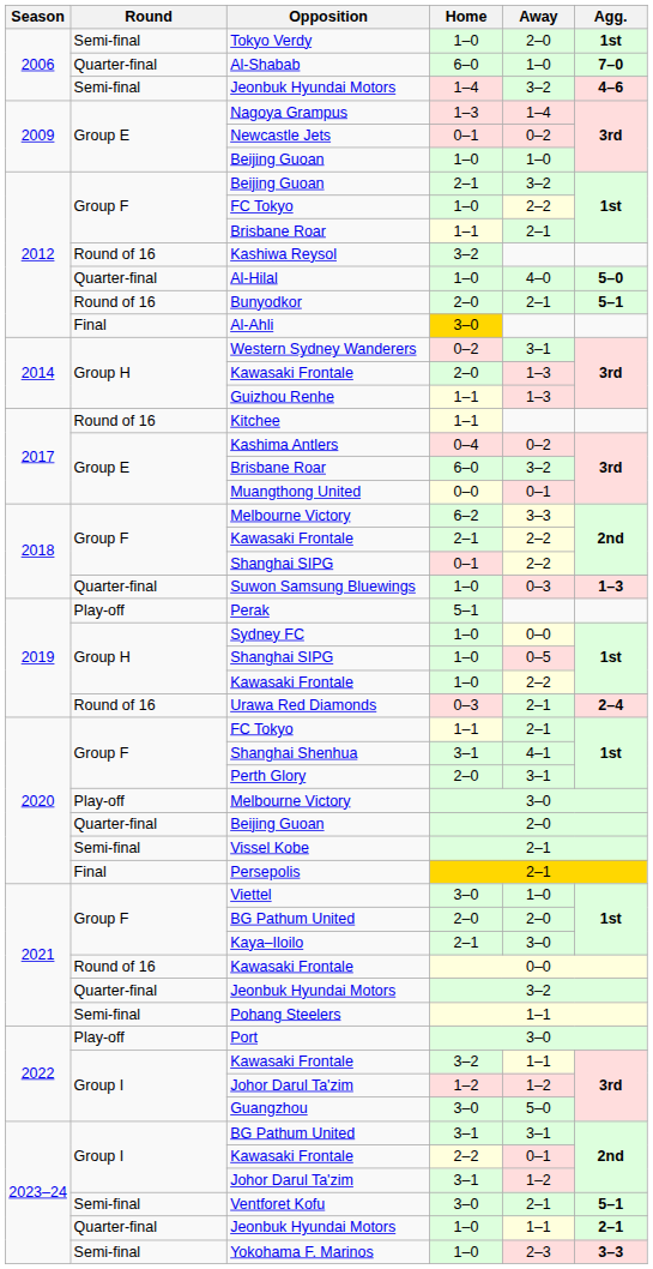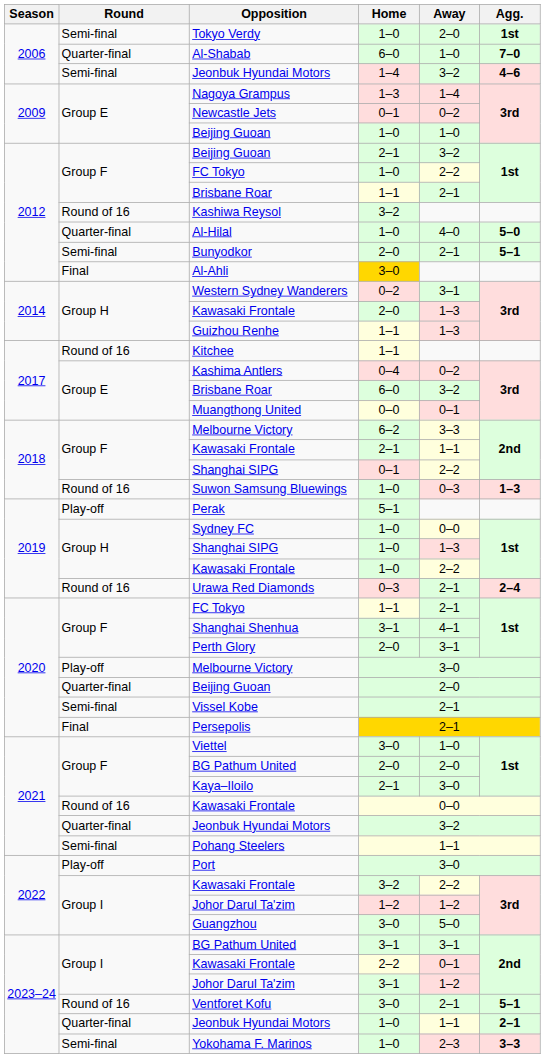 <table class="wikitable" style="text-align:left">
 <tr>
 <th>Season</th>
 <th width="160">Round</th>
 <th width="210">Opposition</th>
 <th width="70">Home</th>
 <th width="70">Away</th>
 <th width="70">Agg.</th>
 </tr>
 <tr>
 <td rowspan="3" style="text-align:center;"><a href='#'>2006</a></td>
 <td>Semi-final</td>
 <td> <a href='#'>Tokyo Verdy</a></td>
 <td style="text-align:center; background:#DDFFDD;">1–0</td>
 <td style="text-align:center; background:#DDFFDD;">2–0</td>
 <td style="text-align:center; background:#DDFFDD;"><strong>1st</strong></td>
 </tr>
 <tr>
 <td>Quarter-final</td>
 <td> <a href='#'>Al-Shabab</a></td>
 <td style="text-align:center; background:#DDFFDD;">6–0</td>
 <td style="text-align:center; background:#DDFFDD;">1–0</td>
 <td style="text-align:center; background:#DDFFDD;"><strong>7–0</strong></td>
 </tr>
 <tr>
 <td>Semi-final</td>
 <td> <a href='#'>Jeonbuk Hyundai Motors</a></td>
 <td style="text-align:center; background:#FFDDDD;">1–4</td>
 <td style="text-align:center; background:#DDFFDD;">3–2</td>
 <td style="text-align:center; background:#FFDDDD;"><strong>4–6</strong></td>
 </tr>
 <tr>
 <td rowspan="3" style="text-align:center;"><a href='#'>2009</a></td>
 <td rowspan="3">Group E</td>
 <td> <a href='#'>Nagoya Grampus</a></td>
 <td style="text-align:center; background:#FFDDDD;">1–3</td>
 <td style="text-align:center; background:#FFDDDD;">1–4</td>
 <td rowspan="3" style="text-align:center; background:#FFDDDD;"><strong>3rd</strong></td>
 </tr>
 <tr>
 <td> <a href='#'>Newcastle Jets</a></td>
 <td style="text-align:center; background:#FFDDDD;">0–1</td>
 <td style="text-align:center; background:#FFDDDD;">0–2</td>
 </tr>
 <tr>
 <td> <a href='#'>Beijing Guoan</a></td>
 <td style="text-align:center; background:#DDFFDD;">1–0</td>
 <td style="text-align:center; background:#DDFFDD;">1–0</td>
 </tr>
 <tr>
 <td rowspan="7" style="text-align:center;"><a href='#'>2012</a></td>
 <td rowspan="3">Group F</td>
 <td> <a href='#'>Beijing Guoan</a></td>
 <td style="text-align:center; background:#DDFFDD;">2–1</td>
 <td style="text-align:center; background:#DDFFDD;">3–2</td>
 <td rowspan="3" style="text-align:center; background:#DDFFDD;"><strong>1st</strong></td>
 </tr>
 <tr>
 <td> <a href='#'>FC Tokyo</a></td>
 <td style="text-align:center; background:#DDFFDD;">1–0</td>
 <td style="text-align:center; background:#FFFFDD;">2–2</td>
 </tr>
 <tr>
 <td> <a href='#'>Brisbane Roar</a></td>
 <td style="text-align:center; background:#FFFFDD;">1–1</td>
 <td style="text-align:center; background:#DDFFDD;">2–1</td>
 </tr>
 <tr>
 <td>Round of 16</td>
 <td> <a href='#'>Kashiwa Reysol</a></td>
 <td style="text-align:center; background:#DDFFDD;">3–2</td>
 <td></td>
 <td></td>
 </tr>
 <tr>
 <td>Quarter-final</td>
 <td> <a href='#'>Al-Hilal</a></td>
 <td style="text-align:center; background:#DDFFDD;">1–0</td>
 <td style="text-align:center; background:#DDFFDD;">4–0</td>
 <td style="text-align:center; background:#DDFFDD;"><strong>5–0</strong></td>
 </tr>
 <tr>
-<td>Round of 16</td>
+<td>Semi-final</td>
 <td> <a href='#'>Bunyodkor</a></td>
 <td style="text-align:center; background:#DDFFDD;">2–0</td>
 <td style="text-align:center; background:#DDFFDD;">2–1</td>
 <td style="text-align:center; background:#DDFFDD;"><strong>5–1</strong></td>
 </tr>
 <tr>
 <td>Final</td>
 <td> <a href='#'>Al-Ahli</a></td>
 <td style="text-align:center; background:#FFD700;">3–0</td>
 <td></td>
 <td></td>
 </tr>
 <tr>
 <td rowspan="3" style="text-align:center;"><a href='#'>2014</a></td>
 <td rowspan="3">Group H</td>
 <td> <a href='#'>Western Sydney Wanderers</a></td>
 <td style="text-align:center; background:#FFDDDD;">0–2</td>
 <td style="text-align:center; background:#DDFFDD;">3–1</td>
 <td rowspan="3" style="text-align:center; background:#FFDDDD;"><strong>3rd</strong></td>
 </tr>
 <tr>
 <td> <a href='#'>Kawasaki Frontale</a></td>
 <td style="text-align:center; background:#DDFFDD;">2–0</td>
 <td style="text-align:center; background:#FFDDDD;">1–3</td>
 </tr>
 <tr>
 <td> <a href='#'>Guizhou Renhe</a></td>
 <td style="text-align:center; background:#FFFFDD;">1–1</td>
 <td style="text-align:center; background:#FFDDDD;">1–3</td>
 </tr>
 <tr>
 <td rowspan="4" style="text-align:center;"><a href='#'>2017</a></td>
 <td>Round of 16</td>
 <td> <a href='#'>Kitchee</a></td>
 <td style="text-align:center; background:#FFFFDD;">1–1 <br></td>
 <td></td>
 <td></td>
 </tr>
 <tr>
 <td rowspan="3">Group E</td>
 <td> <a href='#'>Kashima Antlers</a></td>
 <td style="text-align:center; background:#FFDDDD;">0–4</td>
 <td style="text-align:center; background:#FFDDDD;">0–2</td>
 <td rowspan="3" style="text-align:center; background:#FFDDDD;"><strong>3rd</strong></td>
 </tr>
 <tr>
 <td> <a href='#'>Brisbane Roar</a></td>
 <td style="text-align:center; background:#DDFFDD;">6–0</td>
 <td style="text-align:center; background:#DDFFDD;">3–2</td>
 </tr>
 <tr>
 <td> <a href='#'>Muangthong United</a></td>
 <td style="text-align:center; background:#FFFFDD;">0–0</td>
 <td style="text-align:center; background:#FFDDDD;">0–1</td>
 </tr>
 <tr>
 <td rowspan="4" style="text-align:center;"><a href='#'>2018</a></td>
 <td rowspan="3">Group F</td>
 <td> <a href='#'>Melbourne Victory</a></td>
 <td style="text-align:center; background:#DDFFDD;">6–2</td>
 <td style="text-align:center; background:#FFFFDD;">3–3</td>
 <td rowspan="3" style="text-align:center; background:#DDFFDD;"><strong>2nd</strong></td>
 </tr>
 <tr>
 <td> <a href='#'>Kawasaki Frontale</a></td>
 <td style="text-align:center; background:#DDFFDD;">2–1</td>
-<td style="text-align:center; background:#FFFFDD;">2–2</td>
+<td style="text-align:center; background:#FFFFDD;">1–1</td>
 </tr>
 <tr>
 <td> <a href='#'>Shanghai SIPG</a></td>
 <td style="text-align:center; background:#FFDDDD;">0–1</td>
 <td style="text-align:center; background:#FFFFDD;">2–2</td>
 </tr>
 <tr>
-<td>Quarter-final</td>
+<td>Round of 16</td>
 <td> <a href='#'>Suwon Samsung Bluewings</a></td>
 <td style="text-align:center; background:#DDFFDD;">1–0</td>
 <td style="text-align:center; background:#FFDDDD;">0–3</td>
 <td style="text-align:center; background:#FFDDDD;"><strong>1–3</strong></td>
 </tr>
 <tr>
 <td rowspan="5" style="text-align:center;"><a href='#'>2019</a></td>
 <td>Play-off</td>
 <td> <a href='#'>Perak</a></td>
 <td style="text-align:center; background:#DDFFDD;">5–1</td>
 <td></td>
 <td></td>
 </tr>
 <tr>
 <td rowspan="3">Group H</td>
 <td> <a href='#'>Sydney FC</a></td>
 <td style="text-align:center; background:#DDFFDD;">1–0</td>
 <td style="text-align:center; background:#FFFFDD;">0–0</td>
 <td rowspan="3" style="text-align:center; background:#DDFFDD;"><strong>1st</strong></td>
 </tr>
 <tr>
 <td> <a href='#'>Shanghai SIPG</a></td>
 <td style="text-align:center; background:#DDFFDD;">1–0</td>
-<td style="text-align:center; background:#FFDDDD;">0–5</td>
+<td style="text-align:center; background:#FFDDDD;">1–3</td>
 </tr>
 <tr>
 <td> <a href='#'>Kawasaki Frontale</a></td>
 <td style="text-align:center; background:#DDFFDD;">1–0</td>
 <td style="text-align:center; background:#FFFFDD;">2–2</td>
 </tr>
 <tr>
 <td>Round of 16</td>
 <td> <a href='#'>Urawa Red Diamonds</a></td>
 <td style="text-align:center; background:#FFDDDD;">0–3</td>
 <td style="text-align:center; background:#DDFFDD;">2–1</td>
 <td style="text-align:center; background:#FFDDDD;"><strong>2–4</strong></td>
 </tr>
 <tr>
 <td rowspan="7" style="text-align:center;"><a href='#'>2020</a></td>
 <td rowspan="3">Group F</td>
 <td> <a href='#'>FC Tokyo</a></td>
 <td style="text-align:center; background:#FFFFDD;">1–1</td>
 <td style="text-align:center; background:#DDFFDD;">2–1</td>
 <td rowspan="3" style="text-align:center; background:#DDFFDD;"><strong>1st</strong></td>
 </tr>
 <tr>
 <td> <a href='#'>Shanghai Shenhua</a></td>
 <td style="text-align:center; background:#DDFFDD;">3–1</td>
 <td style="text-align:center; background:#DDFFDD;">4–1</td>
 </tr>
 <tr>
 <td> <a href='#'>Perth Glory</a></td>
 <td style="text-align:center; background:#DDFFDD;">2–0</td>
 <td style="text-align:center; background:#DDFFDD;">3–1</td>
 </tr>
 <tr>
 <td>Play-off</td>
 <td> <a href='#'>Melbourne Victory</a></td>
 <td colspan="3" style="text-align:center; background:#DDFFDD;">3–0</td>
 </tr>
 <tr>
 <td>Quarter-final</td>
 <td> <a href='#'>Beijing Guoan</a></td>
 <td colspan="3" style="text-align:center; background:#DDFFDD;">2–0</td>
 </tr>
 <tr>
 <td>Semi-final</td>
 <td> <a href='#'>Vissel Kobe</a></td>
 <td colspan="3" style="text-align:center; background:#DDFFDD;">2–1 </td>
 </tr>
 <tr>
 <td>Final</td>
 <td> <a href='#'>Persepolis</a></td>
 <td colspan="3" style="text-align:center; background:#FFD700;">2–1</td>
 </tr>
 <tr>
 <td rowspan="6" style="text-align:center;"><a href='#'>2021</a></td>
 <td rowspan="3">Group F</td>
 <td> <a href='#'>Viettel</a></td>
 <td style="text-align:center; background:#DDFFDD;">3–0</td>
 <td style="text-align:center; background:#DDFFDD;">1–0</td>
 <td rowspan="3" style="text-align:center; background:#DDFFDD;"><strong>1st</strong></td>
 </tr>
 <tr>
 <td> <a href='#'>BG Pathum United</a></td>
 <td style="text-align:center; background:#DDFFDD;">2–0</td>
 <td style="text-align:center; background:#DDFFDD;">2–0</td>
 </tr>
 <tr>
 <td> <a href='#'>Kaya–Iloilo</a></td>
 <td style="text-align:center; background:#DDFFDD;">2–1</td>
 <td style="text-align:center; background:#DDFFDD;">3–0</td>
 </tr>
 <tr>
 <td>Round of 16</td>
 <td> <a href='#'>Kawasaki Frontale</a></td>
 <td colspan="3" style="text-align:center; background:#FFFFDD;">0–0 <br></td>
 </tr>
 <tr>
 <td>Quarter-final</td>
 <td> <a href='#'>Jeonbuk Hyundai Motors</a></td>
 <td colspan="3" style="text-align:center; background:#DDFFDD;">3–2 </td>
 </tr>
 <tr>
 <td>Semi-final</td>
 <td> <a href='#'>Pohang Steelers</a></td>
 <td colspan="3" style="text-align:center; background:#FFFFDD;">1–1 <br></td>
 </tr>
 <tr>
 <td rowspan="4" style="text-align:center;"><a href='#'>2022</a></td>
 <td>Play-off</td>
 <td> <a href='#'>Port</a></td>
 <td colspan="3" style="text-align:center; background:#DDFFDD;">3–0</td>
 </tr>
 <tr>
 <td rowspan="3">Group I</td>
 <td> <a href='#'>Kawasaki Frontale</a></td>
 <td style="text-align:center; background:#DDFFDD;">3–2</td>
-<td style="text-align:center; background:#FFFFDD;">1–1</td>
+<td style="text-align:center; background:#FFFFDD;">2–2</td>
 <td rowspan="3" style="text-align:center; background:#FFDDDD;"><strong>3rd</strong></td>
 </tr>
 <tr>
 <td> <a href='#'>Johor Darul Ta'zim</a></td>
 <td style="text-align:center; background:#FFDDDD;">1–2</td>
 <td style="text-align:center; background:#FFDDDD;">1–2</td>
 </tr>
 <tr>
 <td> <a href='#'>Guangzhou</a></td>
 <td style="text-align:center; background:#DDFFDD;">3–0</td>
 <td style="text-align:center; background:#DDFFDD;">5–0</td>
 </tr>
 <tr>
 <td rowspan="6" style="text-align:center;"><a href='#'>2023–24</a></td>
 <td rowspan="3">Group I</td>
 <td> <a href='#'>BG Pathum United</a></td>
 <td style="text-align:center; background:#DDFFDD;">3–1</td>
 <td style="text-align:center; background:#DDFFDD;">3–1</td>
 <td rowspan="3" style="text-align:center; background:#DDFFDD;"><strong>2nd</strong></td>
 </tr>
 <tr>
 <td> <a href='#'>Kawasaki Frontale</a></td>
 <td style="text-align:center; background:#FFFFDD;">2–2</td>
 <td style="text-align:center; background:#FFDDDD;">0–1</td>
 </tr>
 <tr>
 <td> <a href='#'>Johor Darul Ta'zim</a></td>
 <td style="text-align:center; background:#DDFFDD;">3–1</td>
 <td style="text-align:center; background:#FFDDDD;">1–2</td>
 </tr>
 <tr>
-<td>Semi-final</td>
+<td>Round of 16</td>
 <td> <a href='#'>Ventforet Kofu</a></td>
 <td style="text-align:center; background:#DDFFDD;">3–0</td>
 <td style="text-align:center; background:#DDFFDD;">2–1</td>
 <td style="text-align:center; background:#DDFFDD;"><strong>5–1</strong></td>
 </tr>
 <tr>
 <td>Quarter-final</td>
 <td> <a href='#'>Jeonbuk Hyundai Motors</a></td>
 <td style="text-align:center; background:#DDFFDD;">1–0</td>
 <td style="text-align:center; background:#FFFFDD;">1–1</td>
 <td style="text-align:center; background:#DDFFDD;"><strong>2–1</strong></td>
 </tr>
 <tr>
 <td>Semi-final</td>
 <td> <a href='#'>Yokohama F. Marinos</a></td>
 <td style="text-align:center; background:#DDFFDD;">1–0</td>
 <td style="text-align:center; background:#FFDDDD;">2–3 </td>
 <td style="text-align:center; background:#FFDDDD;"><strong>3–3<br></strong></td>
 </tr>
 </table>
